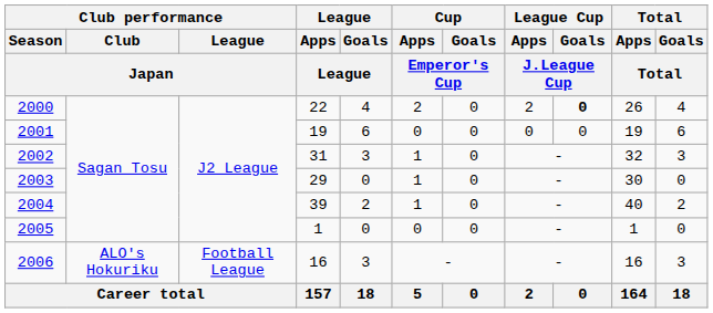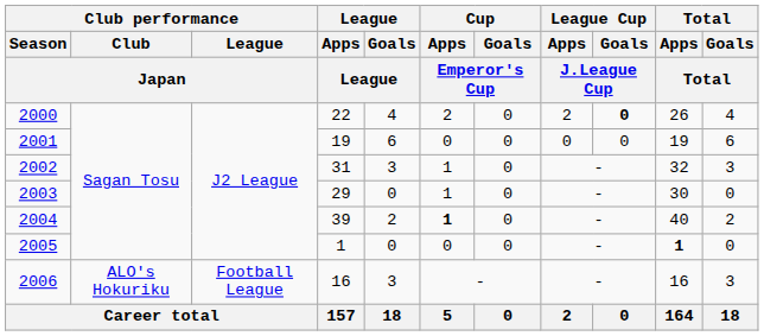 <table class="wikitable" style="text-align:center">
 <tr>
 <th colspan=3>Club performance</th>
 <th colspan=2>League</th>
 <th colspan=2>Cup</th>
 <th colspan=2>League Cup</th>
 <th colspan=2>Total</th>
 </tr>
 <tr>
 <th>Season</th>
 <th>Club</th>
 <th>League</th>
 <th>Apps</th>
 <th>Goals</th>
 <th>Apps</th>
 <th>Goals</th>
 <th>Apps</th>
 <th>Goals</th>
 <th>Apps</th>
 <th>Goals</th>
 </tr>
 <tr>
 <th colspan=3>Japan</th>
 <th colspan=2>League</th>
 <th colspan=2><a href='#'>Emperor's Cup</a></th>
 <th colspan=2><a href='#'>J.League Cup</a></th>
 <th colspan=2>Total</th>
 </tr>
 <tr>
 <td><a href='#'>2000</a></td>
 <td rowspan="6"><a href='#'>Sagan Tosu</a></td>
 <td rowspan="6"><a href='#'>J2 League</a></td>
 <td>22</td>
 <td>4</td>
 <td>2</td>
 <td>0</td>
 <td>2</td>
 <td><strong>0</strong></td>
 <td>26</td>
 <td>4</td>
 </tr>
 <tr>
 <td><a href='#'>2001</a></td>
 <td>19</td>
 <td>6</td>
 <td>0</td>
 <td>0</td>
 <td>0</td>
 <td>0</td>
 <td>19</td>
 <td>6</td>
 </tr>
 <tr>
 <td><a href='#'>2002</a></td>
 <td>31</td>
 <td>3</td>
 <td>1</td>
 <td>0</td>
 <td colspan="2">-</td>
 <td>32</td>
 <td>3</td>
 </tr>
 <tr>
 <td><a href='#'>2003</a></td>
 <td>29</td>
 <td>0</td>
 <td>1</td>
 <td>0</td>
 <td colspan="2">-</td>
 <td>30</td>
 <td>0</td>
 </tr>
 <tr>
 <td><a href='#'>2004</a></td>
 <td>39</td>
 <td>2</td>
-<td>1</td>
+<td><strong>1</strong></td>
 <td>0</td>
 <td colspan="2">-</td>
 <td>40</td>
 <td>2</td>
 </tr>
 <tr>
 <td><a href='#'>2005</a></td>
 <td>1</td>
 <td>0</td>
 <td>0</td>
 <td>0</td>
 <td colspan="2">-</td>
-<td>1</td>
+<td><strong>1</strong></td>
 <td>0</td>
 </tr>
 <tr>
 <td><a href='#'>2006</a></td>
 <td><a href='#'>ALO's Hokuriku</a></td>
 <td><a href='#'>Football League</a></td>
 <td>16</td>
 <td>3</td>
 <td colspan="2">-</td>
 <td colspan="2">-</td>
 <td>16</td>
 <td>3</td>
 </tr>
 <tr>
 <th colspan=3>Career total</th>
 <th>157</th>
 <th>18</th>
 <th>5</th>
 <th>0</th>
 <th>2</th>
 <th>0</th>
 <th>164</th>
 <th>18</th>
 </tr>
 </table>
